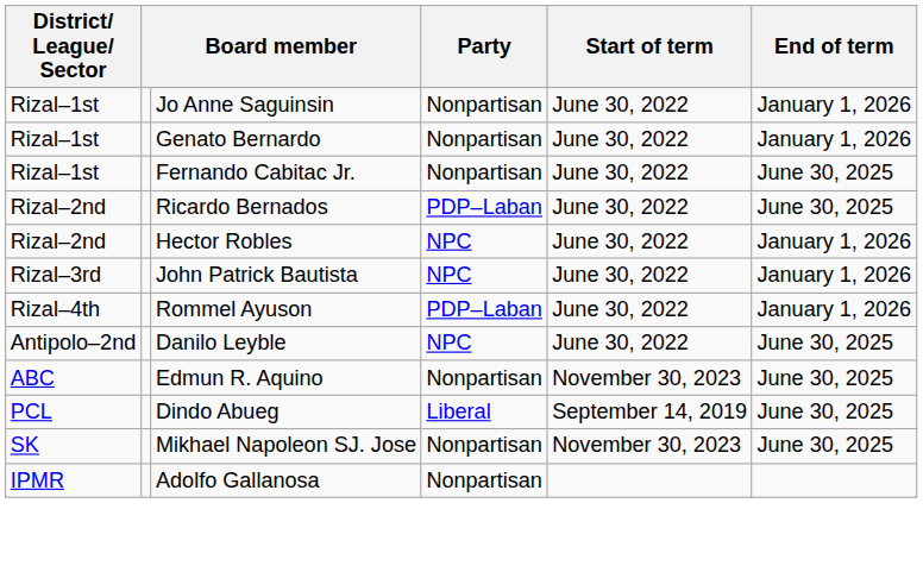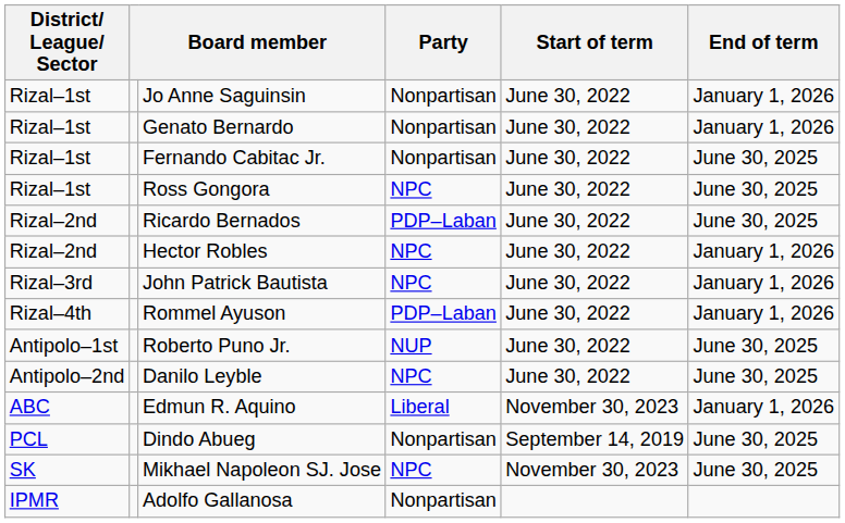 <table class="wikitable">
 <tr>
 <th>District/<br>League/<br>Sector</th>
 <th colspan="2">Board member</th>
 <th>Party</th>
 <th>Start of term</th>
 <th>End of term</th>
 </tr>
 <tr>
 <td>Rizal–1st</td>
 <td></td>
 <td>Jo Anne Saguinsin</td>
 <td>Nonpartisan</td>
 <td>June 30, 2022</td>
 <td>January 1, 2026</td>
 </tr>
 <tr>
 <td>Rizal–1st</td>
 <td></td>
 <td>Genato Bernardo</td>
 <td>Nonpartisan</td>
 <td>June 30, 2022</td>
 <td>January 1, 2026</td>
 </tr>
 <tr>
 <td>Rizal–1st</td>
 <td></td>
 <td>Fernando Cabitac Jr.</td>
 <td>Nonpartisan</td>
+<td>June 30, 2022</td>
+<td>June 30, 2025</td>
+</tr>
+<tr>
+<td>Rizal–1st</td>
+<td></td>
+<td>Ross Gongora</td>
+<td><a href='#'>NPC</a></td>
 <td>June 30, 2022</td>
 <td>June 30, 2025</td>
 </tr>
 <tr>
 <td>Rizal–2nd</td>
 <td></td>
 <td>Ricardo Bernados</td>
 <td><a href='#'>PDP–Laban</a></td>
 <td>June 30, 2022</td>
 <td>June 30, 2025</td>
 </tr>
 <tr>
 <td>Rizal–2nd</td>
 <td></td>
 <td>Hector Robles</td>
 <td><a href='#'>NPC</a></td>
 <td>June 30, 2022</td>
 <td>January 1, 2026</td>
 </tr>
 <tr>
 <td>Rizal–3rd</td>
 <td></td>
 <td>John Patrick Bautista</td>
 <td><a href='#'>NPC</a></td>
 <td>June 30, 2022</td>
 <td>January 1, 2026</td>
 </tr>
 <tr>
 <td>Rizal–4th</td>
 <td></td>
 <td>Rommel Ayuson</td>
 <td><a href='#'>PDP–Laban</a></td>
 <td>June 30, 2022</td>
 <td>January 1, 2026</td>
 </tr>
 <tr>
+<td>Antipolo–1st</td>
+<td></td>
+<td>Roberto Puno Jr.</td>
+<td><a href='#'>NUP</a></td>
+<td>June 30, 2022</td>
+<td>June 30, 2025</td>
+</tr>
+<tr>
 <td>Antipolo–2nd</td>
 <td></td>
 <td>Danilo Leyble</td>
 <td><a href='#'>NPC</a></td>
 <td>June 30, 2022</td>
 <td>June 30, 2025</td>
 </tr>
 <tr>
 <td><a href='#'>ABC</a></td>
 <td></td>
 <td>Edmun R. Aquino</td>
-<td>Nonpartisan</td>
+<td><a href='#'>Liberal</a></td>
 <td>November 30, 2023</td>
-<td>June 30, 2025</td>
+<td>January 1, 2026</td>
 </tr>
 <tr>
 <td><a href='#'>PCL</a></td>
 <td></td>
 <td>Dindo Abueg</td>
-<td><a href='#'>Liberal</a></td>
+<td>Nonpartisan</td>
 <td>September 14, 2019</td>
 <td>June 30, 2025</td>
 </tr>
 <tr>
 <td><a href='#'>SK</a></td>
 <td></td>
 <td>Mikhael Napoleon SJ. Jose</td>
-<td>Nonpartisan</td>
+<td><a href='#'>NPC</a></td>
 <td>November 30, 2023</td>
 <td>June 30, 2025</td>
 </tr>
 <tr>
 <td><a href='#'>IPMR</a></td>
 <td></td>
 <td>Adolfo Gallanosa</td>
 <td>Nonpartisan</td>
 <td></td>
 <td></td>
 </tr>
 </table>
